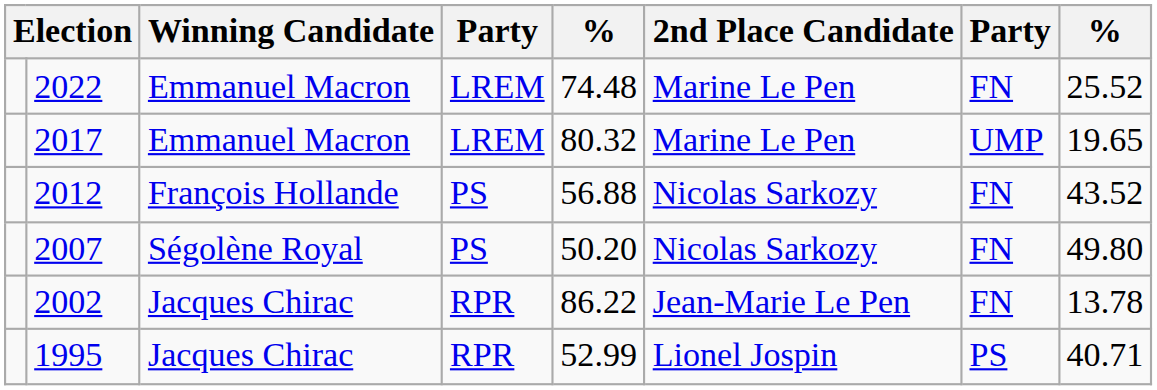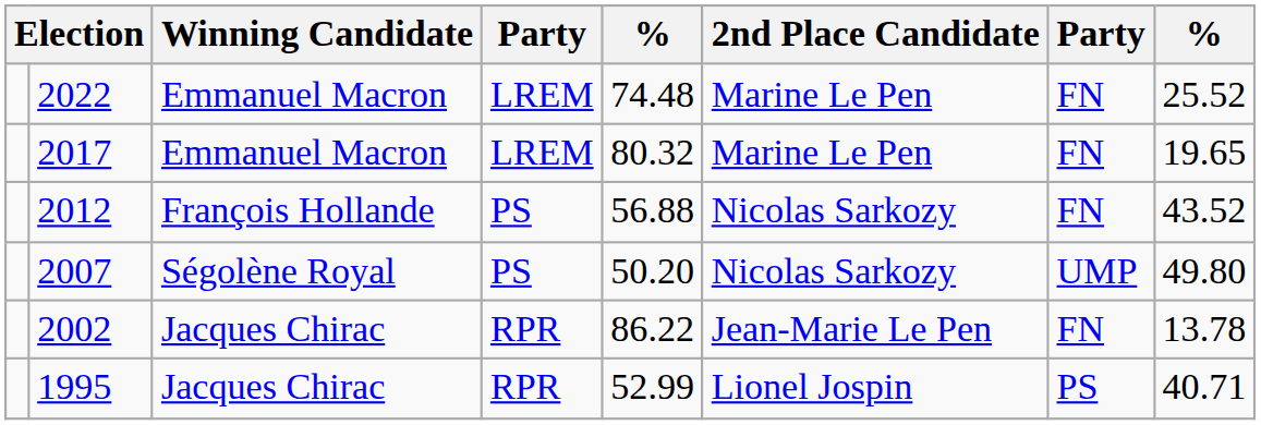 <table class="wikitable">
 <tr>
 <th colspan="2">Election</th>
 <th>Winning Candidate</th>
 <th>Party</th>
 <th>%</th>
 <th>2nd Place Candidate</th>
 <th>Party</th>
 <th>%</th>
 </tr>
 <tr>
 <td style="background-color: "></td>
 <td><a href='#'>2022</a></td>
 <td><a href='#'>Emmanuel Macron</a></td>
 <td><a href='#'>LREM</a></td>
 <td>74.48</td>
 <td><a href='#'>Marine Le Pen</a></td>
 <td><a href='#'>FN</a></td>
 <td>25.52</td>
 </tr>
 <tr>
 <td style="background-color: "></td>
 <td><a href='#'>2017</a></td>
 <td><a href='#'>Emmanuel Macron</a></td>
 <td><a href='#'>LREM</a></td>
 <td>80.32</td>
 <td><a href='#'>Marine Le Pen</a></td>
-<td><a href='#'>UMP</a></td>
+<td><a href='#'>FN</a></td>
 <td>19.65</td>
 </tr>
 <tr>
 <td style="background-color: "></td>
 <td><a href='#'>2012</a></td>
 <td><a href='#'>François Hollande</a></td>
 <td><a href='#'>PS</a></td>
 <td>56.88</td>
 <td><a href='#'>Nicolas Sarkozy</a></td>
 <td><a href='#'>FN</a></td>
 <td>43.52</td>
 </tr>
 <tr>
 <td style="background-color: "></td>
 <td><a href='#'>2007</a></td>
 <td><a href='#'>Ségolène Royal</a></td>
 <td><a href='#'>PS</a></td>
 <td>50.20</td>
 <td><a href='#'>Nicolas Sarkozy</a></td>
-<td><a href='#'>FN</a></td>
+<td><a href='#'>UMP</a></td>
 <td>49.80</td>
 </tr>
 <tr>
 <td style="background-color: "></td>
 <td><a href='#'>2002</a></td>
 <td><a href='#'>Jacques Chirac</a></td>
 <td><a href='#'>RPR</a></td>
 <td>86.22</td>
 <td><a href='#'>Jean-Marie Le Pen</a></td>
 <td><a href='#'>FN</a></td>
 <td>13.78</td>
 </tr>
 <tr>
 <td style="background-color: "></td>
 <td><a href='#'>1995</a></td>
 <td><a href='#'>Jacques Chirac</a></td>
 <td><a href='#'>RPR</a></td>
 <td>52.99</td>
 <td><a href='#'>Lionel Jospin</a></td>
 <td><a href='#'>PS</a></td>
 <td>40.71</td>
 </tr>
 </table>
